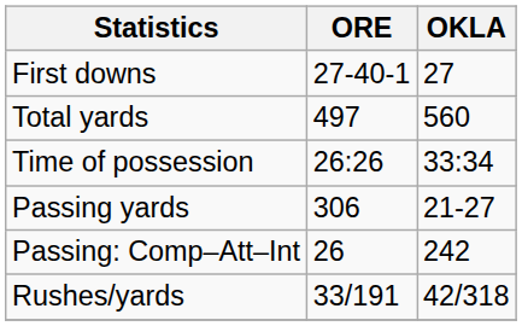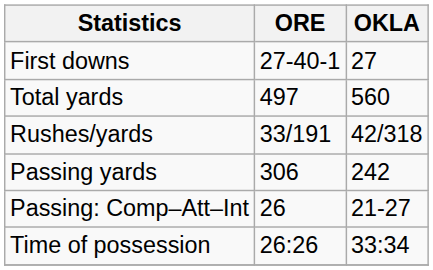 <table class="wikitable" style="float: left;">
 <tr>
 <th>Statistics</th>
 <th>ORE</th>
 <th>OKLA</th>
 </tr>
 <tr>
 <td>First downs</td>
 <td>27-40-1</td>
 <td>27</td>
 </tr>
 <tr>
 <td>Total yards</td>
 <td>497</td>
 <td>560</td>
 </tr>
 <tr>
+<td>Rushes/yards</td>
+<td>33/191</td>
+<td>42/318</td>
+</tr>
+<tr>
+<td>Passing yards</td>
+<td>306</td>
+<td>242</td>
+</tr>
+<tr>
+<td>Passing: Comp–Att–Int</td>
+<td>26</td>
+<td>21-27</td>
+</tr>
+<tr>
 <td>Time of possession</td>
 <td>26:26</td>
 <td>33:34</td>
 </tr>
 <tr>
-<td>Passing yards</td>
-<td>306</td>
-<td>21-27</td>
-</tr>
-<tr>
-<td>Passing: Comp–Att–Int</td>
-<td>26</td>
-<td>242</td>
-</tr>
-<tr>
-<td>Rushes/yards</td>
-<td>33/191</td>
-<td>42/318</td>
-</tr>
-<tr>
 </tr>
 </table>
